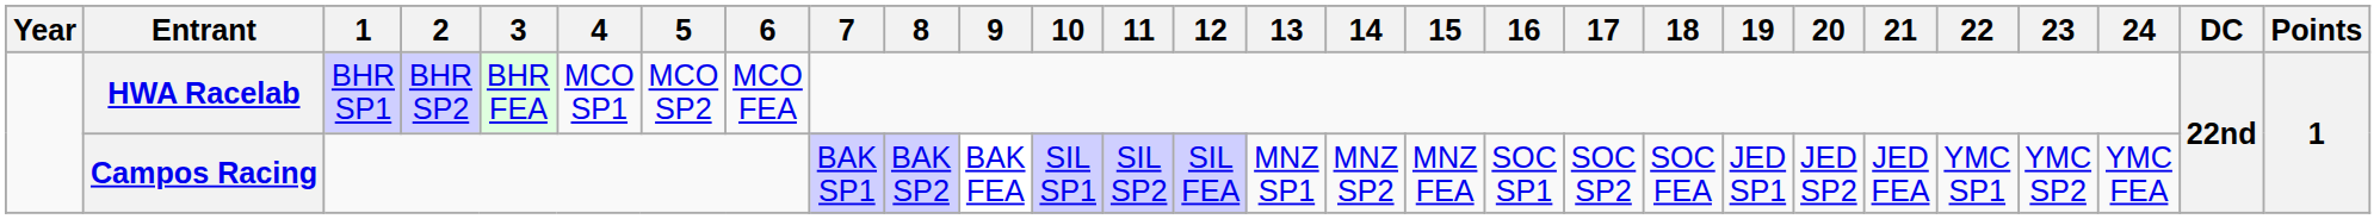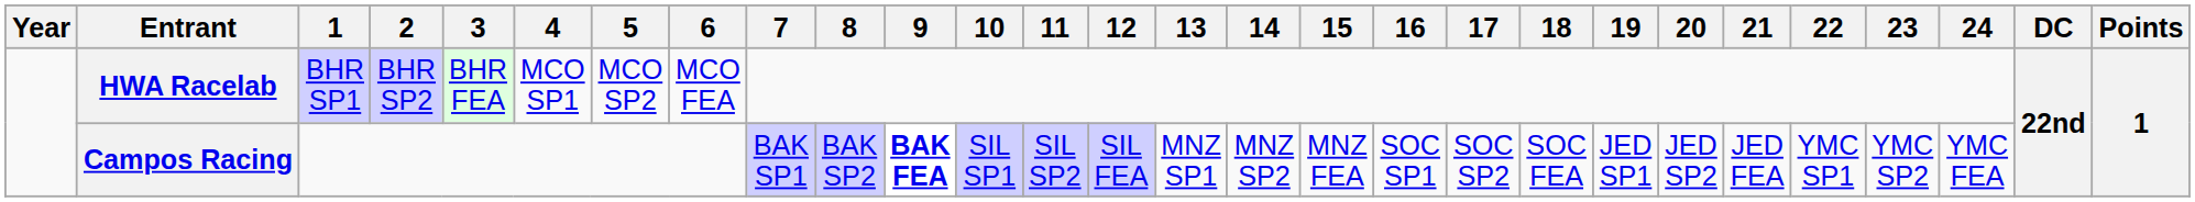 <table class="wikitable" style="text-align:center; font-size:85%">
 <tr>
 <th>Year</th>
 <th>Entrant</th>
 <th>1</th>
 <th>2</th>
 <th>3</th>
 <th>4</th>
 <th>5</th>
 <th>6</th>
 <th>7</th>
 <th>8</th>
 <th>9</th>
 <th>10</th>
 <th>11</th>
 <th>12</th>
 <th>13</th>
 <th>14</th>
 <th>15</th>
 <th>16</th>
 <th>17</th>
 <th>18</th>
 <th>19</th>
 <th>20</th>
 <th>21</th>
 <th>22</th>
 <th>23</th>
 <th>24</th>
 <th>DC</th>
 <th>Points</th>
 </tr>
 <tr>
 <td rowspan=2></td>
 <th nowrap><a href='#'>HWA Racelab</a></th>
 <td style="background:#CFCFFF;"><a href='#'>BHR<br>SP1</a><br></td>
 <td style="background:#CFCFFF;"><a href='#'>BHR<br>SP2</a><br></td>
 <td style="background:#DFFFDF;"><a href='#'>BHR<br>FEA</a><br></td>
 <td style="background:#;"><a href='#'>MCO<br>SP1</a></td>
 <td style="background:#;"><a href='#'>MCO<br>SP2</a></td>
 <td style="background:#;"><a href='#'>MCO<br>FEA</a></td>
 <td colspan=18></td>
 <th rowspan=2>22nd</th>
 <th rowspan=2>1</th>
 </tr>
 <tr>
 <th nowrap><a href='#'>Campos Racing</a></th>
 <td colspan=6></td>
 <td style="background:#CFCFFF;"><a href='#'>BAK<br>SP1</a><br></td>
 <td style="background:#CFCFFF;"><a href='#'>BAK<br>SP2</a><br></td>
-<td style="background:#FFFFFF;"><a href='#'>BAK<br>FEA</a><br></td>
+<td style="background:#FFFFFF;"><strong><a href='#'>BAK<br>FEA</a><br></strong></td>
 <td style="background:#CFCFFF;"><a href='#'>SIL<br>SP1</a><br></td>
 <td style="background:#CFCFFF;"><a href='#'>SIL<br>SP2</a><br></td>
 <td style="background:#CFCFFF;"><a href='#'>SIL<br>FEA</a><br></td>
 <td style="background:#;"><a href='#'>MNZ<br>SP1</a></td>
 <td style="background:#;"><a href='#'>MNZ<br>SP2</a></td>
 <td style="background:#;"><a href='#'>MNZ<br>FEA</a></td>
 <td style="background:#;"><a href='#'>SOC<br>SP1</a></td>
 <td style="background:#;"><a href='#'>SOC<br>SP2</a></td>
 <td style="background:#;"><a href='#'>SOC<br>FEA</a></td>
 <td style="background:#;"><a href='#'>JED<br>SP1</a></td>
 <td style="background:#;"><a href='#'>JED<br>SP2</a></td>
 <td style="background:#;"><a href='#'>JED<br>FEA</a></td>
 <td style="background:#;"><a href='#'>YMC<br>SP1</a></td>
 <td style="background:#;"><a href='#'>YMC<br>SP2</a></td>
 <td style="background:#;"><a href='#'>YMC<br>FEA</a></td>
 </tr>
 </table>
